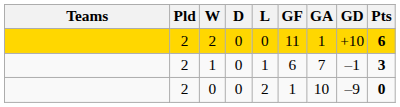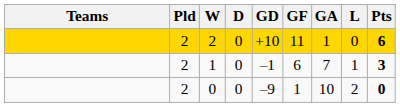 <table class="wikitable" style="text-align: center;">
 <tr>
 <th width=165>Teams</th>
 <th width=20>Pld</th>
 <th width=20>W</th>
 <th width=20>D</th>
-<th width=20>L</th>
+<th width=20>GD</th>
 <th width=20>GF</th>
 <th width=20>GA</th>
-<th width=20>GD</th>
+<th width=20>L</th>
 <th width=20>Pts</th>
 </tr>
 <tr align=center style="background:gold">
 <td style="text-align:left;"></td>
 <td>2</td>
 <td>2</td>
 <td>0</td>
-<td>0</td>
+<td>+10</td>
 <td>11</td>
 <td>1</td>
-<td>+10</td>
+<td>0</td>
 <td><strong>6</strong></td>
 </tr>
 <tr align=center>
 <td style="text-align:left;"></td>
 <td>2</td>
 <td>1</td>
 <td>0</td>
-<td>1</td>
+<td>–1</td>
 <td>6</td>
 <td>7</td>
-<td>–1</td>
+<td>1</td>
 <td><strong>3</strong></td>
 </tr>
 <tr align=center>
 <td style="text-align:left;"></td>
 <td>2</td>
 <td>0</td>
 <td>0</td>
-<td>2</td>
+<td>–9</td>
 <td>1</td>
 <td>10</td>
-<td>–9</td>
+<td>2</td>
 <td><strong>0</strong></td>
 </tr>
 </table>
